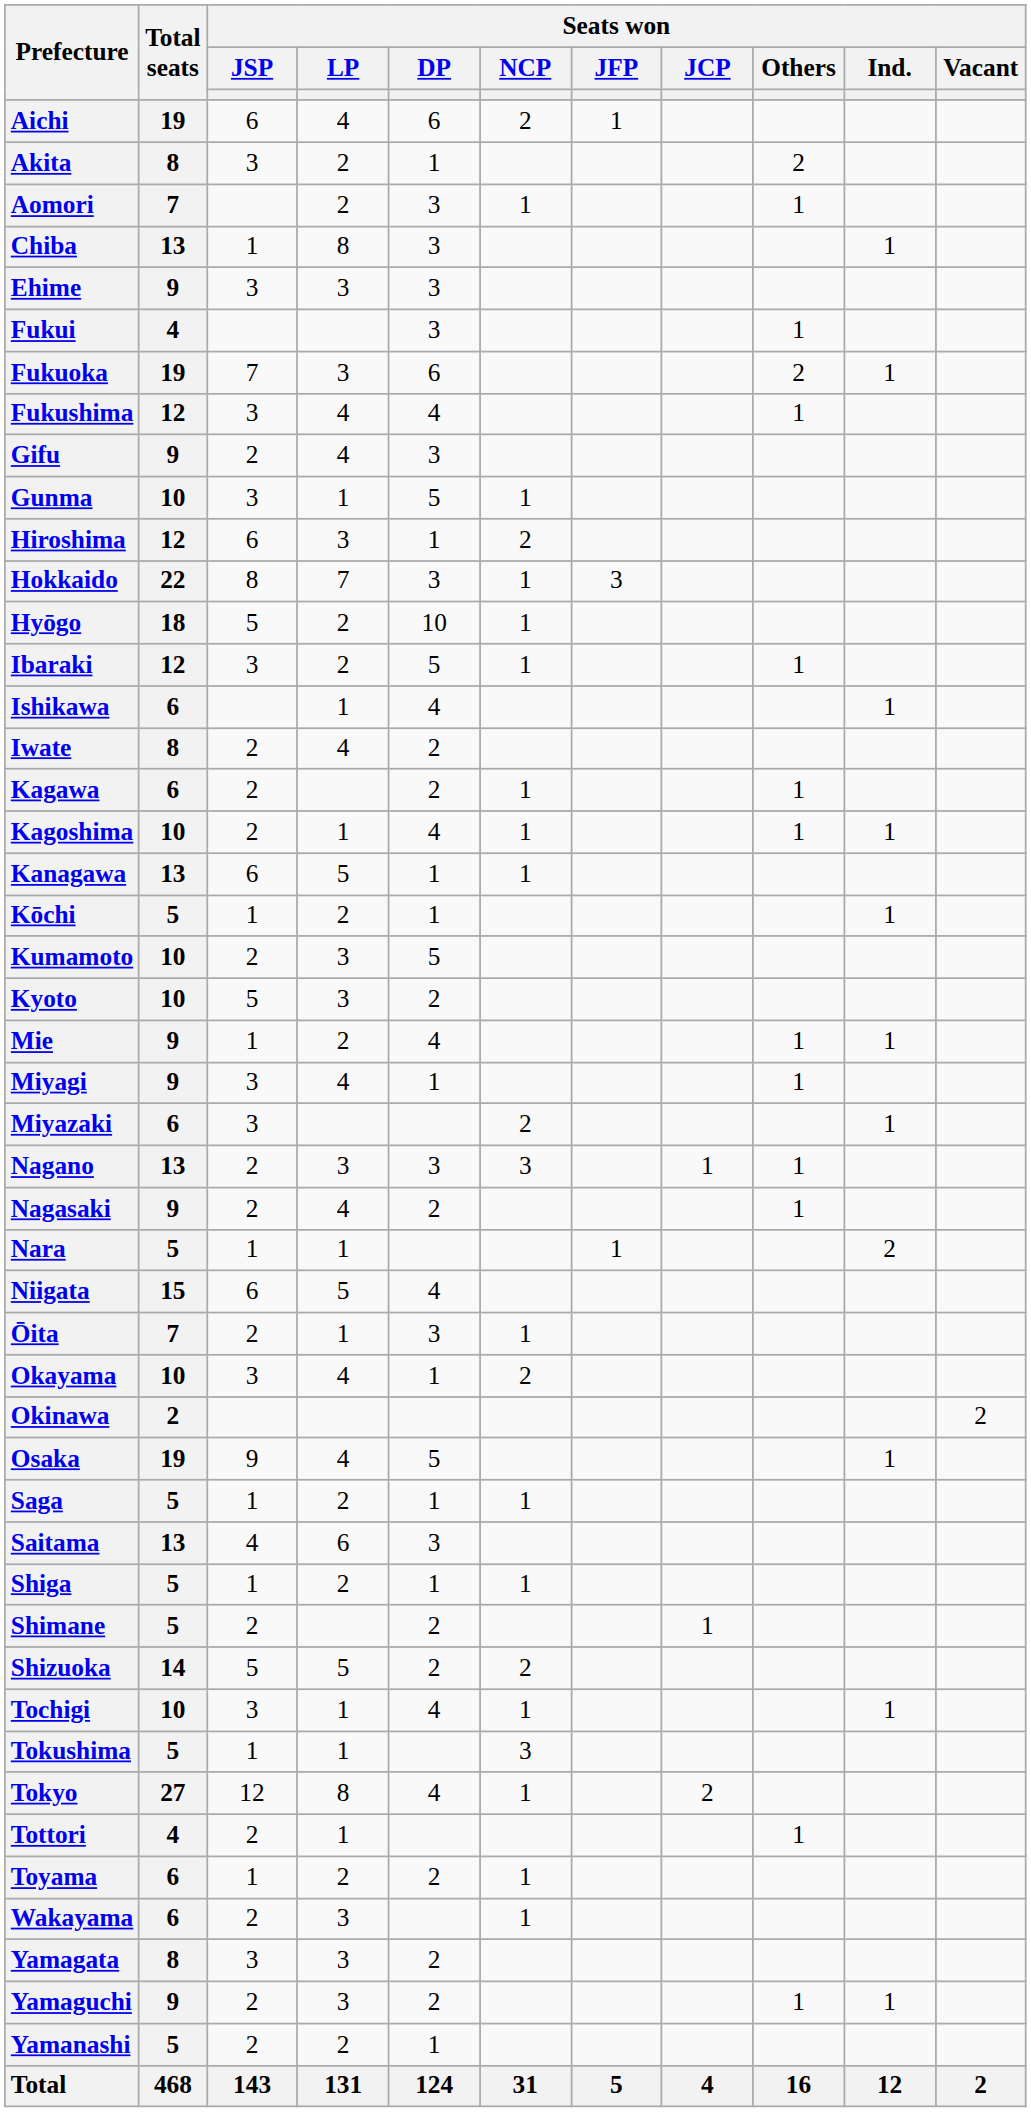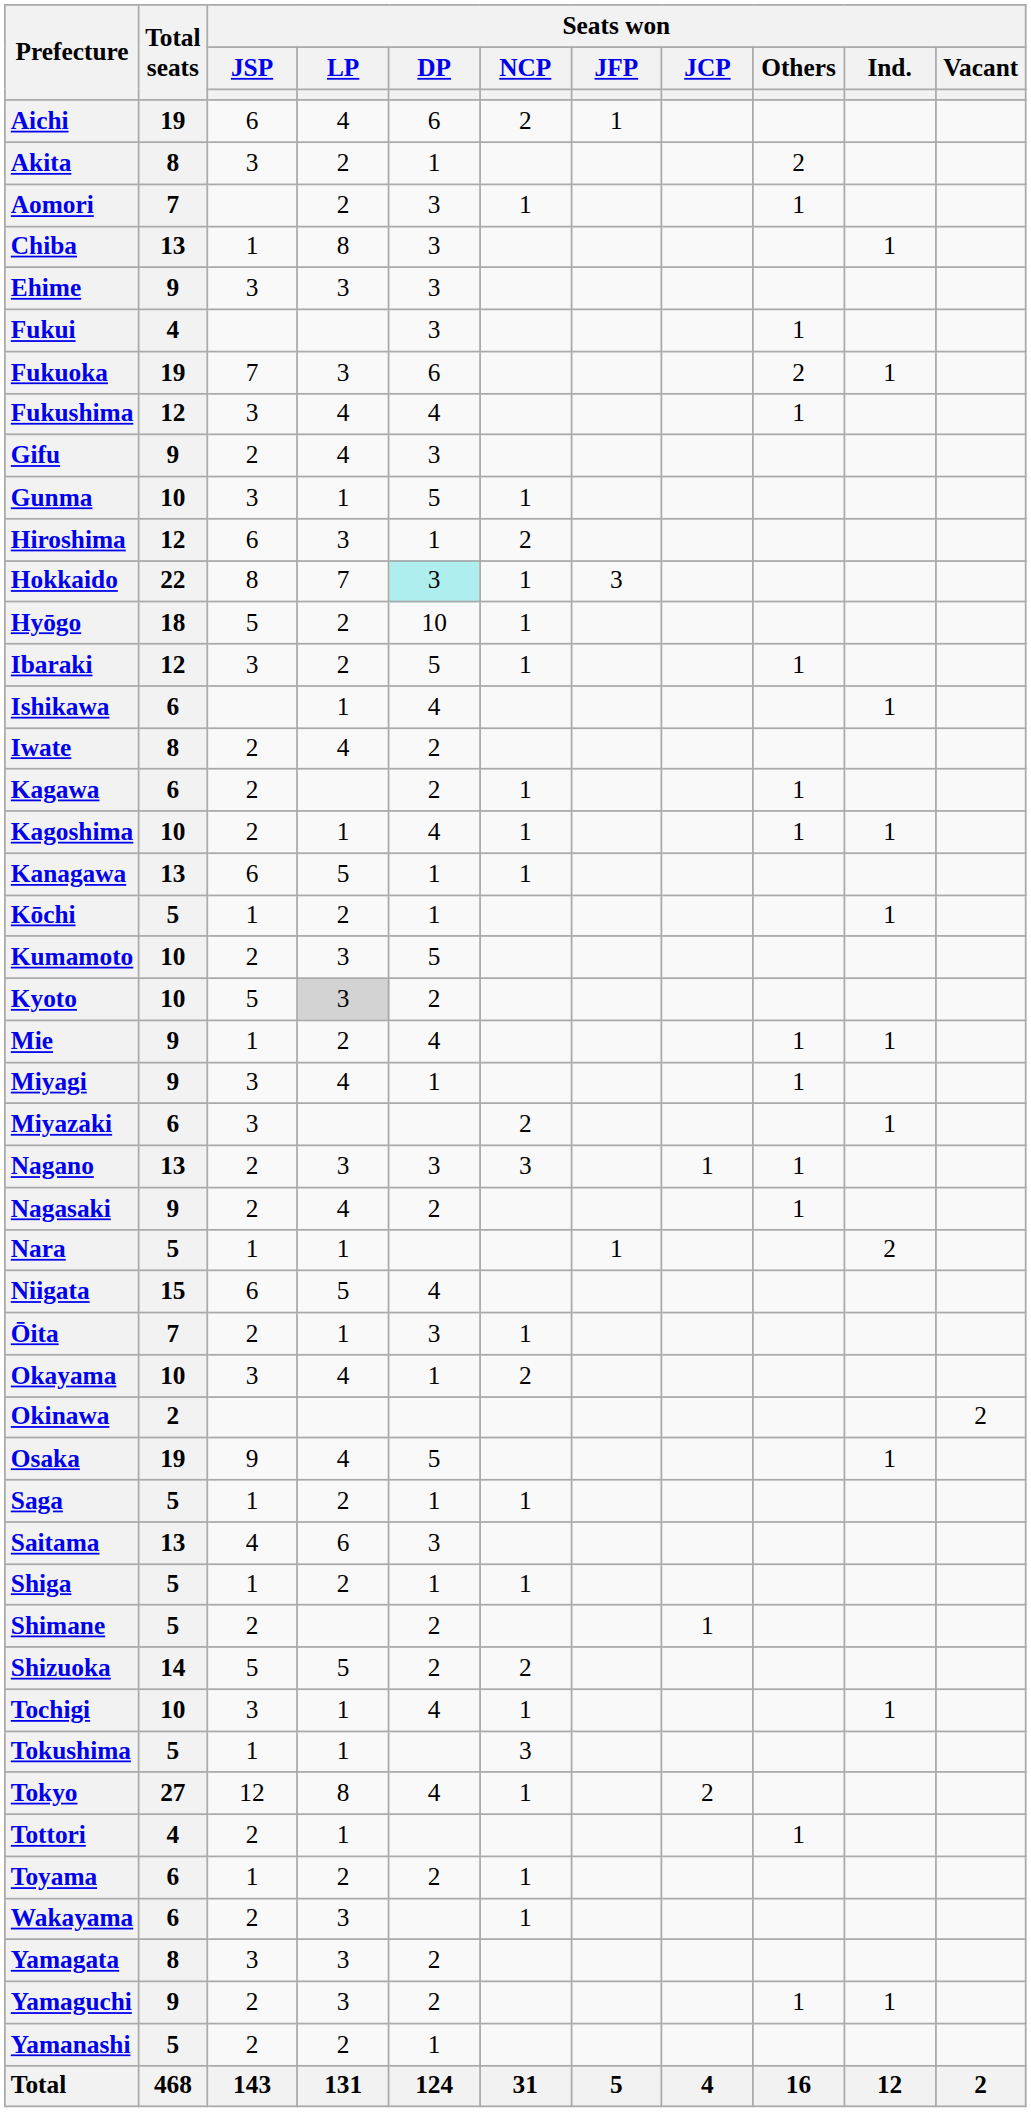 <table class="wikitable" style="text-align:center; font-size: 0.9em;">
 <tr>
 <th rowspan="3">Prefecture</th>
 <th rowspan="3">Total<br>seats</th>
 <th colspan="9">Seats won</th>
 </tr>
 <tr>
 <th class="unsortable" style="width:45px;"><a href='#'>JSP</a></th>
 <th class="unsortable" style="width:45px;"><a href='#'>LP</a></th>
 <th class="unsortable" style="width:45px;"><a href='#'>DP</a></th>
 <th class="unsortable" style="width:45px;"><a href='#'>NCP</a></th>
 <th class="unsortable" style="width:45px;"><a href='#'>JFP</a></th>
 <th class="unsortable" style="width:45px;"><a href='#'>JCP</a></th>
 <th class="unsortable" style="width:45px;">Others</th>
 <th class="unsortable" style="width:45px;">Ind.</th>
 <th class="unsortable" style="width:45px;">Vacant</th>
 </tr>
 <tr>
 <th style="background:"></th>
 <th style="background:"></th>
 <th style="background:"></th>
 <th style="background:"></th>
 <th style="background:"></th>
 <th style="background:"></th>
 <th></th>
 <th style="background:"></th>
 <th></th>
 </tr>
 <tr>
 <th style="text-align: left;"><a href='#'>Aichi</a></th>
 <th>19</th>
 <td>6</td>
 <td>4</td>
 <td>6</td>
 <td>2</td>
 <td>1</td>
 <td></td>
 <td></td>
 <td></td>
 <td></td>
 </tr>
 <tr>
 <th style="text-align: left;"><a href='#'>Akita</a></th>
 <th>8</th>
 <td>3</td>
 <td>2</td>
 <td>1</td>
 <td></td>
 <td></td>
 <td></td>
 <td>2</td>
 <td></td>
 <td></td>
 </tr>
 <tr>
 <th style="text-align: left;"><a href='#'>Aomori</a></th>
 <th>7</th>
 <td></td>
 <td>2</td>
 <td>3</td>
 <td>1</td>
 <td></td>
 <td></td>
 <td>1</td>
 <td></td>
 <td></td>
 </tr>
 <tr>
 <th style="text-align: left;"><a href='#'>Chiba</a></th>
 <th>13</th>
 <td>1</td>
 <td>8</td>
 <td>3</td>
 <td></td>
 <td></td>
 <td></td>
 <td></td>
 <td>1</td>
 <td></td>
 </tr>
 <tr>
 <th style="text-align: left;"><a href='#'>Ehime</a></th>
 <th>9</th>
 <td>3</td>
 <td>3</td>
 <td>3</td>
 <td></td>
 <td></td>
 <td></td>
 <td></td>
 <td></td>
 <td></td>
 </tr>
 <tr>
 <th style="text-align: left;"><a href='#'>Fukui</a></th>
 <th>4</th>
 <td></td>
 <td></td>
 <td>3</td>
 <td></td>
 <td></td>
 <td></td>
 <td>1</td>
 <td></td>
 <td></td>
 </tr>
 <tr>
 <th style="text-align: left;"><a href='#'>Fukuoka</a></th>
 <th>19</th>
 <td>7</td>
 <td>3</td>
 <td>6</td>
 <td></td>
 <td></td>
 <td></td>
 <td>2</td>
 <td>1</td>
 <td></td>
 </tr>
 <tr>
 <th style="text-align: left;"><a href='#'>Fukushima</a></th>
 <th>12</th>
 <td>3</td>
 <td>4</td>
 <td>4</td>
 <td></td>
 <td></td>
 <td></td>
 <td>1</td>
 <td></td>
 <td></td>
 </tr>
 <tr>
 <th style="text-align: left;"><a href='#'>Gifu</a></th>
 <th>9</th>
 <td>2</td>
 <td>4</td>
 <td>3</td>
 <td></td>
 <td></td>
 <td></td>
 <td></td>
 <td></td>
 <td></td>
 </tr>
 <tr>
 <th style="text-align: left;"><a href='#'>Gunma</a></th>
 <th>10</th>
 <td>3</td>
 <td>1</td>
 <td>5</td>
 <td>1</td>
 <td></td>
 <td></td>
 <td></td>
 <td></td>
 <td></td>
 </tr>
 <tr>
 <th style="text-align: left;"><a href='#'>Hiroshima</a></th>
 <th>12</th>
 <td>6</td>
 <td>3</td>
 <td>1</td>
 <td>2</td>
 <td></td>
 <td></td>
 <td></td>
 <td></td>
 <td></td>
 </tr>
 <tr>
 <th style="text-align: left;"><a href='#'>Hokkaido</a></th>
 <th>22</th>
 <td>8</td>
 <td>7</td>
-<td>3</td>
+<td style="background: paleturquoise;">3</td>
 <td>1</td>
 <td>3</td>
 <td></td>
 <td></td>
 <td></td>
 <td></td>
 </tr>
 <tr>
 <th style="text-align: left;"><a href='#'>Hyōgo</a></th>
 <th>18</th>
 <td>5</td>
 <td>2</td>
 <td>10</td>
 <td>1</td>
 <td></td>
 <td></td>
 <td></td>
 <td></td>
 <td></td>
 </tr>
 <tr>
 <th style="text-align: left;"><a href='#'>Ibaraki</a></th>
 <th>12</th>
 <td>3</td>
 <td>2</td>
 <td>5</td>
 <td>1</td>
 <td></td>
 <td></td>
 <td>1</td>
 <td></td>
 <td></td>
 </tr>
 <tr>
 <th style="text-align: left;"><a href='#'>Ishikawa</a></th>
 <th>6</th>
 <td></td>
 <td>1</td>
 <td>4</td>
 <td></td>
 <td></td>
 <td></td>
 <td></td>
 <td>1</td>
 <td></td>
 </tr>
 <tr>
 <th style="text-align: left;"><a href='#'>Iwate</a></th>
 <th>8</th>
 <td>2</td>
 <td>4</td>
 <td>2</td>
 <td></td>
 <td></td>
 <td></td>
 <td></td>
 <td></td>
 <td></td>
 </tr>
 <tr>
 <th style="text-align: left;"><a href='#'>Kagawa</a></th>
 <th>6</th>
 <td>2</td>
 <td></td>
 <td>2</td>
 <td>1</td>
 <td></td>
 <td></td>
 <td>1</td>
 <td></td>
 <td></td>
 </tr>
 <tr>
 <th style="text-align: left;"><a href='#'>Kagoshima</a></th>
 <th>10</th>
 <td>2</td>
 <td>1</td>
 <td>4</td>
 <td>1</td>
 <td></td>
 <td></td>
 <td>1</td>
 <td>1</td>
 <td></td>
 </tr>
 <tr>
 <th style="text-align: left;"><a href='#'>Kanagawa</a></th>
 <th>13</th>
 <td>6</td>
 <td>5</td>
 <td>1</td>
 <td>1</td>
 <td></td>
 <td></td>
 <td></td>
 <td></td>
 <td></td>
 </tr>
 <tr>
 <th style="text-align: left;"><a href='#'>Kōchi</a></th>
 <th>5</th>
 <td>1</td>
 <td>2</td>
 <td>1</td>
 <td></td>
 <td></td>
 <td></td>
 <td></td>
 <td>1</td>
 <td></td>
 </tr>
 <tr>
 <th style="text-align: left;"><a href='#'>Kumamoto</a></th>
 <th>10</th>
 <td>2</td>
 <td>3</td>
 <td>5</td>
 <td></td>
 <td></td>
 <td></td>
 <td></td>
 <td></td>
 <td></td>
 </tr>
 <tr>
 <th style="text-align: left;"><a href='#'>Kyoto</a></th>
 <th>10</th>
 <td>5</td>
-<td>3</td>
+<td style="background: lightgrey;">3</td>
 <td>2</td>
 <td></td>
 <td></td>
 <td></td>
 <td></td>
 <td></td>
 <td></td>
 </tr>
 <tr>
 <th style="text-align: left;"><a href='#'>Mie</a></th>
 <th>9</th>
 <td>1</td>
 <td>2</td>
 <td>4</td>
 <td></td>
 <td></td>
 <td></td>
 <td>1</td>
 <td>1</td>
 <td></td>
 </tr>
 <tr>
 <th style="text-align: left;"><a href='#'>Miyagi</a></th>
 <th>9</th>
 <td>3</td>
 <td>4</td>
 <td>1</td>
 <td></td>
 <td></td>
 <td></td>
 <td>1</td>
 <td></td>
 <td></td>
 </tr>
 <tr>
 <th style="text-align: left;"><a href='#'>Miyazaki</a></th>
 <th>6</th>
 <td>3</td>
 <td></td>
 <td></td>
 <td>2</td>
 <td></td>
 <td></td>
 <td></td>
 <td>1</td>
 <td></td>
 </tr>
 <tr>
 <th style="text-align: left;"><a href='#'>Nagano</a></th>
 <th>13</th>
 <td>2</td>
 <td>3</td>
 <td>3</td>
 <td>3</td>
 <td></td>
 <td>1</td>
 <td>1</td>
 <td></td>
 <td></td>
 </tr>
 <tr>
 <th style="text-align: left;"><a href='#'>Nagasaki</a></th>
 <th>9</th>
 <td>2</td>
 <td>4</td>
 <td>2</td>
 <td></td>
 <td></td>
 <td></td>
 <td>1</td>
 <td></td>
 <td></td>
 </tr>
 <tr>
 <th style="text-align: left;"><a href='#'>Nara</a></th>
 <th>5</th>
 <td>1</td>
 <td>1</td>
 <td></td>
 <td></td>
 <td>1</td>
 <td></td>
 <td></td>
 <td>2</td>
 <td></td>
 </tr>
 <tr>
 <th style="text-align: left;"><a href='#'>Niigata</a></th>
 <th>15</th>
 <td>6</td>
 <td>5</td>
 <td>4</td>
 <td></td>
 <td></td>
 <td></td>
 <td></td>
 <td></td>
 <td></td>
 </tr>
 <tr>
 <th style="text-align: left;"><a href='#'>Ōita</a></th>
 <th>7</th>
 <td>2</td>
 <td>1</td>
 <td>3</td>
 <td>1</td>
 <td></td>
 <td></td>
 <td></td>
 <td></td>
 <td></td>
 </tr>
 <tr>
 <th style="text-align: left;"><a href='#'>Okayama</a></th>
 <th>10</th>
 <td>3</td>
 <td>4</td>
 <td>1</td>
 <td>2</td>
 <td></td>
 <td></td>
 <td></td>
 <td></td>
 <td></td>
 </tr>
 <tr>
 <th style="text-align: left;"><a href='#'>Okinawa</a></th>
 <th>2</th>
 <td></td>
 <td></td>
 <td></td>
 <td></td>
 <td></td>
 <td></td>
 <td></td>
 <td></td>
 <td>2</td>
 </tr>
 <tr>
 <th style="text-align: left;"><a href='#'>Osaka</a></th>
 <th>19</th>
 <td>9</td>
 <td>4</td>
 <td>5</td>
 <td></td>
 <td></td>
 <td></td>
 <td></td>
 <td>1</td>
 <td></td>
 </tr>
 <tr>
 <th style="text-align: left;"><a href='#'>Saga</a></th>
 <th>5</th>
 <td>1</td>
 <td>2</td>
 <td>1</td>
 <td>1</td>
 <td></td>
 <td></td>
 <td></td>
 <td></td>
 <td></td>
 </tr>
 <tr>
 <th style="text-align: left;"><a href='#'>Saitama</a></th>
 <th>13</th>
 <td>4</td>
 <td>6</td>
 <td>3</td>
 <td></td>
 <td></td>
 <td></td>
 <td></td>
 <td></td>
 <td></td>
 </tr>
 <tr>
 <th style="text-align: left;"><a href='#'>Shiga</a></th>
 <th>5</th>
 <td>1</td>
 <td>2</td>
 <td>1</td>
 <td>1</td>
 <td></td>
 <td></td>
 <td></td>
 <td></td>
 <td></td>
 </tr>
 <tr>
 <th style="text-align: left;"><a href='#'>Shimane</a></th>
 <th>5</th>
 <td>2</td>
 <td></td>
 <td>2</td>
 <td></td>
 <td></td>
 <td>1</td>
 <td></td>
 <td></td>
 <td></td>
 </tr>
 <tr>
 <th style="text-align: left;"><a href='#'>Shizuoka</a></th>
 <th>14</th>
 <td>5</td>
 <td>5</td>
 <td>2</td>
 <td>2</td>
 <td></td>
 <td></td>
 <td></td>
 <td></td>
 <td></td>
 </tr>
 <tr>
 <th style="text-align: left;"><a href='#'>Tochigi</a></th>
 <th>10</th>
 <td>3</td>
 <td>1</td>
 <td>4</td>
 <td>1</td>
 <td></td>
 <td></td>
 <td></td>
 <td>1</td>
 <td></td>
 </tr>
 <tr>
 <th style="text-align: left;"><a href='#'>Tokushima</a></th>
 <th>5</th>
 <td>1</td>
 <td>1</td>
 <td></td>
 <td>3</td>
 <td></td>
 <td></td>
 <td></td>
 <td></td>
 <td></td>
 </tr>
 <tr>
 <th style="text-align: left;"><a href='#'>Tokyo</a></th>
 <th>27</th>
 <td>12</td>
 <td>8</td>
 <td>4</td>
 <td>1</td>
 <td></td>
 <td>2</td>
 <td></td>
 <td></td>
 <td></td>
 </tr>
 <tr>
 <th style="text-align: left;"><a href='#'>Tottori</a></th>
 <th>4</th>
 <td>2</td>
 <td>1</td>
 <td></td>
 <td></td>
 <td></td>
 <td></td>
 <td>1</td>
 <td></td>
 <td></td>
 </tr>
 <tr>
 <th style="text-align: left;"><a href='#'>Toyama</a></th>
 <th>6</th>
 <td>1</td>
 <td>2</td>
 <td>2</td>
 <td>1</td>
 <td></td>
 <td></td>
 <td></td>
 <td></td>
 <td></td>
 </tr>
 <tr>
 <th style="text-align: left;"><a href='#'>Wakayama</a></th>
 <th>6</th>
 <td>2</td>
 <td>3</td>
 <td></td>
 <td>1</td>
 <td></td>
 <td></td>
 <td></td>
 <td></td>
 <td></td>
 </tr>
 <tr>
 <th style="text-align: left;"><a href='#'>Yamagata</a></th>
 <th>8</th>
 <td>3</td>
 <td>3</td>
 <td>2</td>
 <td></td>
 <td></td>
 <td></td>
 <td></td>
 <td></td>
 <td></td>
 </tr>
 <tr>
 <th style="text-align: left;"><a href='#'>Yamaguchi</a></th>
 <th>9</th>
 <td>2</td>
 <td>3</td>
 <td>2</td>
 <td></td>
 <td></td>
 <td></td>
 <td>1</td>
 <td>1</td>
 <td></td>
 </tr>
 <tr>
 <th style="text-align: left;"><a href='#'>Yamanashi</a></th>
 <th>5</th>
 <td>2</td>
 <td>2</td>
 <td>1</td>
 <td></td>
 <td></td>
 <td></td>
 <td></td>
 <td></td>
 <td></td>
 </tr>
 <tr class="sortbottom">
 <th style="text-align: left;">Total</th>
 <th>468</th>
 <th>143</th>
 <th>131</th>
 <th>124</th>
 <th>31</th>
 <th>5</th>
 <th>4</th>
 <th>16</th>
 <th>12</th>
 <th>2</th>
 </tr>
 </table>
